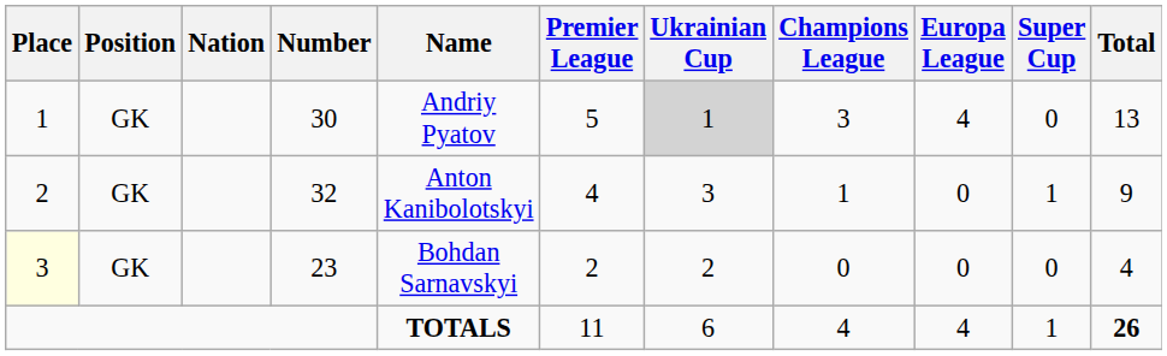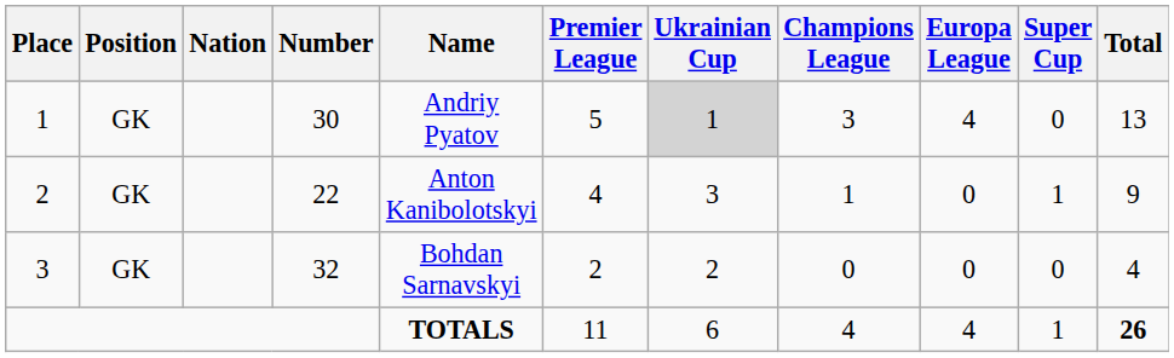 <table class="wikitable" style="font-size: 95%; text-align: center;">
 <tr>
 <th width=60>Place</th>
 <th width=60>Position</th>
 <th width=60>Nation</th>
 <th width=60>Number</th>
 <th width=150>Name</th>
 <th width=150><a href='#'>Premier League</a></th>
 <th width=150><a href='#'>Ukrainian Cup</a></th>
 <th width=150><a href='#'>Champions League</a></th>
 <th width=150><a href='#'>Europa League</a></th>
 <th width=150><a href='#'>Super Cup</a></th>
 <th width=80>Total</th>
 </tr>
 <tr>
 <td>1</td>
 <td>GK</td>
 <td></td>
 <td>30</td>
 <td><a href='#'>Andriy Pyatov</a></td>
 <td>5</td>
 <td style="background: lightgrey;">1</td>
 <td>3</td>
 <td>4</td>
 <td>0</td>
 <td>13</td>
 </tr>
 <tr>
 <td>2</td>
 <td>GK</td>
 <td></td>
-<td>32</td>
+<td>22</td>
 <td><a href='#'>Anton Kanibolotskyi</a></td>
 <td>4</td>
 <td>3</td>
 <td>1</td>
 <td>0</td>
 <td>1</td>
 <td>9</td>
 </tr>
 <tr>
-<td style="background: lightyellow;">3</td>
+<td>3</td>
 <td>GK</td>
 <td></td>
-<td>23</td>
+<td>32</td>
 <td><a href='#'>Bohdan Sarnavskyi</a></td>
 <td>2</td>
 <td>2</td>
 <td>0</td>
 <td>0</td>
 <td>0</td>
 <td>4</td>
 </tr>
 <tr>
 <td colspan="4"></td>
 <td><strong>TOTALS</strong></td>
 <td>11</td>
 <td>6</td>
 <td>4</td>
 <td>4</td>
 <td>1</td>
 <td><strong>26</strong></td>
 </tr>
 </table>
